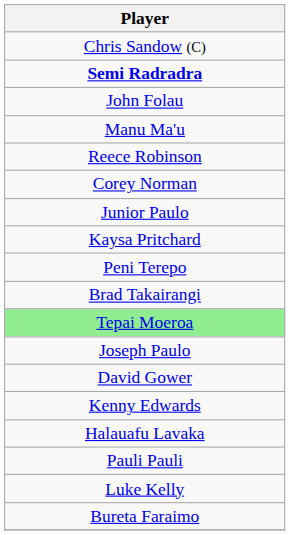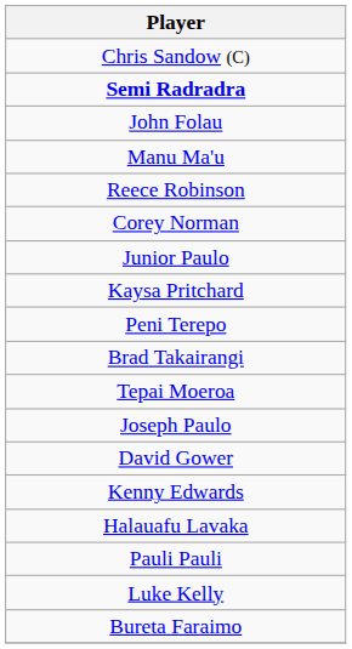 <table class="wikitable" style="text-align: center;">
 <tr>
 <th style="width:250px;">Player</th>
 </tr>
 <tr>
 <td><a href='#'>Chris Sandow</a> <small>(C)</small></td>
 </tr>
 <tr>
 <td><strong><a href='#'>Semi Radradra</a></strong></td>
 </tr>
 <tr>
 <td><a href='#'>John Folau</a></td>
 </tr>
 <tr>
 <td><a href='#'>Manu Ma'u</a></td>
 </tr>
 <tr>
 <td><a href='#'>Reece Robinson</a></td>
 </tr>
 <tr>
 <td><a href='#'>Corey Norman</a></td>
 </tr>
 <tr>
 <td><a href='#'>Junior Paulo</a></td>
 </tr>
 <tr>
 <td><a href='#'>Kaysa Pritchard</a></td>
 </tr>
 <tr>
 <td><a href='#'>Peni Terepo</a></td>
 </tr>
 <tr>
 <td><a href='#'>Brad Takairangi</a></td>
 </tr>
 <tr>
-<td style="background: lightgreen;"><a href='#'>Tepai Moeroa</a></td>
+<td><a href='#'>Tepai Moeroa</a></td>
 </tr>
 <tr>
 <td><a href='#'>Joseph Paulo</a></td>
 </tr>
 <tr>
 <td><a href='#'>David Gower</a></td>
 </tr>
 <tr>
 <td><a href='#'>Kenny Edwards</a></td>
 </tr>
 <tr>
 <td><a href='#'>Halauafu Lavaka</a></td>
 </tr>
 <tr>
 <td><a href='#'>Pauli Pauli</a></td>
 </tr>
 <tr>
 <td><a href='#'>Luke Kelly</a></td>
 </tr>
 <tr>
 <td><a href='#'>Bureta Faraimo</a></td>
 </tr>
 <tr>
 </tr>
 </table>
